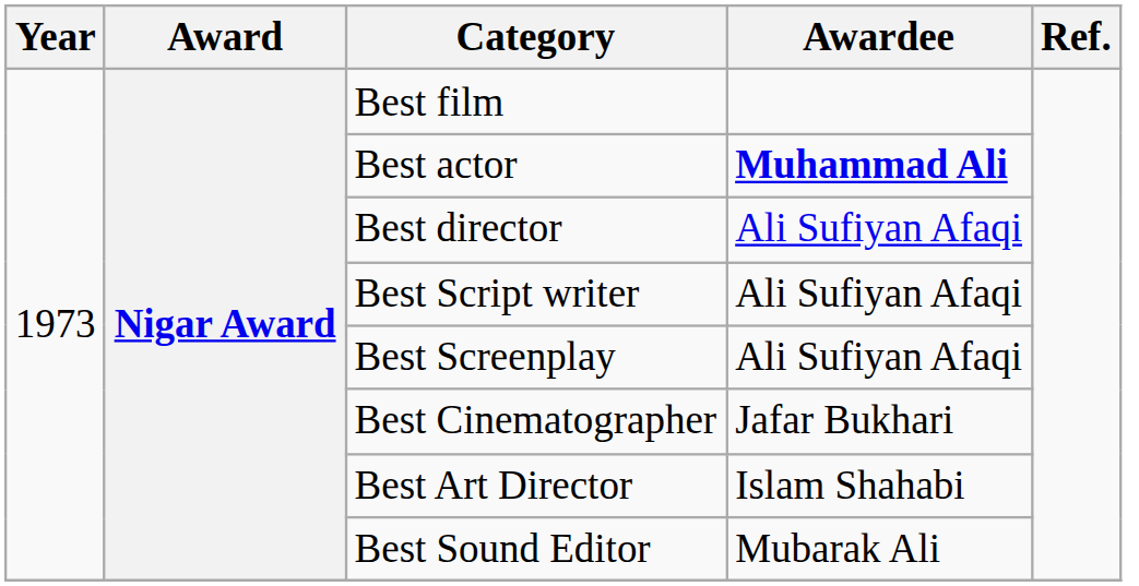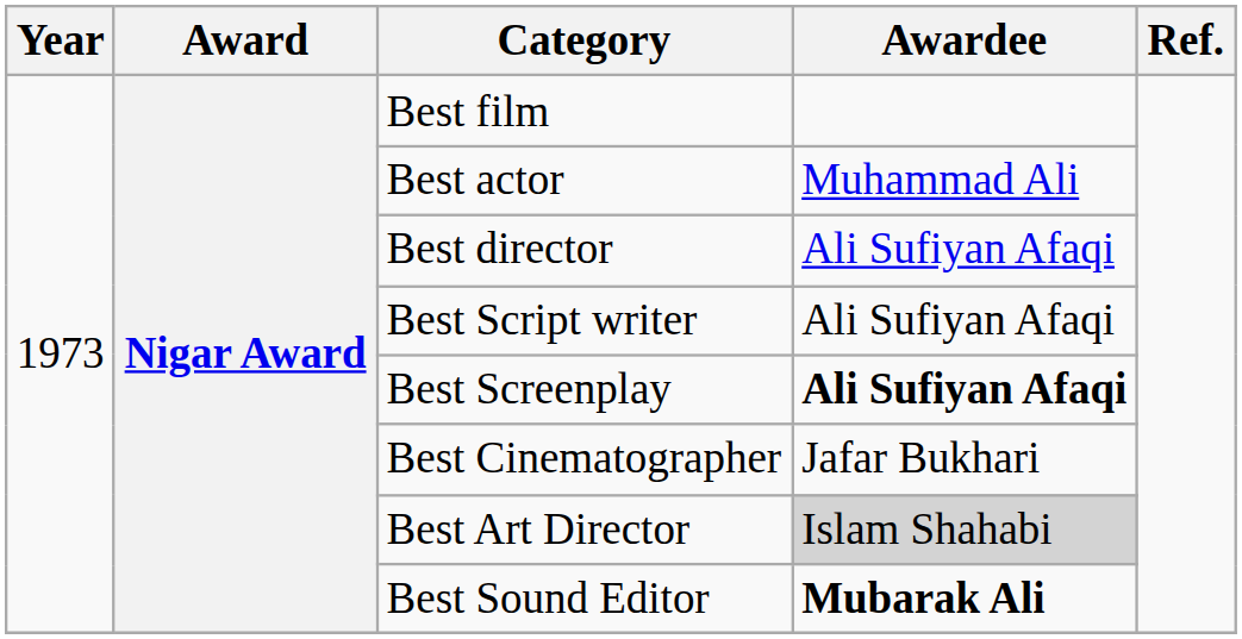 <table class="wikitable plainrowheaders">
 <tr>
 <th>Year</th>
 <th>Award</th>
 <th>Category</th>
 <th>Awardee</th>
 <th>Ref.</th>
 </tr>
 <tr>
 <td rowspan="8">1973</td>
 <th scope="row" rowspan="8"><a href='#'>Nigar Award</a></th>
 <td>Best film</td>
 <td></td>
 <td rowspan="8"></td>
 </tr>
 <tr>
 <td>Best actor</td>
-<td><strong><a href='#'>Muhammad Ali</a></strong></td>
+<td><a href='#'>Muhammad Ali</a></td>
 </tr>
 <tr>
 <td>Best director</td>
 <td><a href='#'>Ali Sufiyan Afaqi</a></td>
 </tr>
 <tr>
 <td>Best Script writer</td>
 <td>Ali Sufiyan Afaqi</td>
 </tr>
 <tr>
 <td>Best Screenplay</td>
-<td>Ali Sufiyan Afaqi</td>
+<td><strong>Ali Sufiyan Afaqi</strong></td>
 </tr>
 <tr>
 <td>Best Cinematographer</td>
 <td>Jafar Bukhari</td>
 </tr>
 <tr>
 <td>Best Art Director</td>
-<td>Islam Shahabi</td>
+<td style="background: lightgrey;">Islam Shahabi</td>
 </tr>
 <tr>
 <td>Best Sound Editor</td>
-<td>Mubarak Ali</td>
+<td><strong>Mubarak Ali</strong></td>
 </tr>
 <tr>
 </tr>
 </table>
